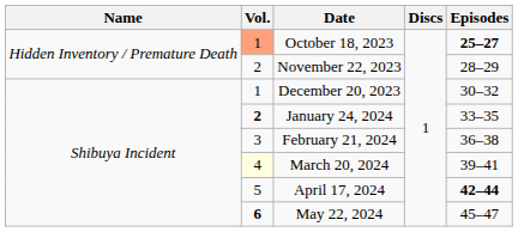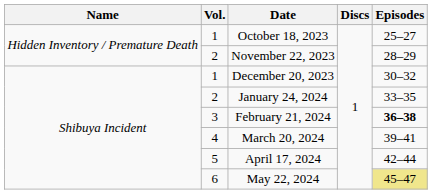 <table class="wikitable" style="text-align:center;">
 <tr>
 <th>Name</th>
 <th>Vol.</th>
 <th>Date</th>
 <th>Discs</th>
 <th>Episodes</th>
 </tr>
 <tr>
 <td rowspan="2"><em>Hidden Inventory / Premature Death</em></td>
-<td style="background: lightsalmon;">1</td>
+<td>1</td>
 <td>October 18, 2023</td>
 <td rowspan="8">1</td>
-<td><strong>25–27</strong></td>
+<td>25–27</td>
 </tr>
 <tr>
 <td>2</td>
 <td>November 22, 2023</td>
 <td>28–29</td>
 </tr>
 <tr>
 <td rowspan="6"><em>Shibuya Incident</em></td>
 <td>1</td>
 <td>December 20, 2023</td>
 <td>30–32</td>
 </tr>
 <tr>
-<td><strong>2</strong></td>
+<td>2</td>
 <td>January 24, 2024</td>
 <td>33–35</td>
 </tr>
 <tr>
 <td>3</td>
 <td>February 21, 2024</td>
-<td>36–38</td>
+<td><strong>36–38</strong></td>
 </tr>
 <tr>
-<td style="background: lightyellow;">4</td>
+<td>4</td>
 <td>March 20, 2024</td>
 <td>39–41</td>
 </tr>
 <tr>
 <td>5</td>
 <td>April 17, 2024</td>
-<td><strong>42–44</strong></td>
+<td>42–44</td>
 </tr>
 <tr>
-<td><strong>6</strong></td>
+<td>6</td>
 <td>May 22, 2024</td>
-<td>45–47</td>
+<td style="background: khaki;">45–47</td>
 </tr>
 </table>
